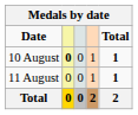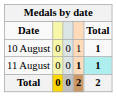 <table class="wikitable" style="font-size:85%">
 <tr bgcolor="#efefef">
 <th colspan=6>Medals by date</th>
 </tr>
 <tr align=center>
 <td><strong>Date</strong></td>
 <td bgcolor=#f7f6a8></td>
 <td bgcolor=#dce5e5></td>
 <td bgcolor=#ffdab9></td>
 <td><strong>Total</strong></td>
 </tr>
 <tr align=center>
 <td>10 August</td>
-<td style="background:#F7F6A8;"><strong>0</strong></td>
+<td style="background:#F7F6A8;">0</td>
 <td style="background:#DCE5E5;">0</td>
 <td style="background:#FFDAB9;">1</td>
 <td><strong>1</strong></td>
 </tr>
 <tr align=center>
 <td>11 August</td>
 <td style="background:#F7F6A8;">0</td>
 <td style="background:#DCE5E5;">0</td>
-<td style="background:#FFDAB9;">1</td>
-<td><strong>1</strong></td>
+<td style="background:#FFDAB9;"><strong>1</strong></td>
+<td style="background: paleturquoise;"><strong>1</strong></td>
 </tr>
 <tr align=center>
 <th><strong>Total</strong></th>
 <th style="background:gold;"><strong>0</strong></th>
 <th style="background:silver;"><strong>0</strong></th>
 <th style="background:#c96;"><strong>2</strong></th>
 <th>2</th>
 </tr>
 </table>
